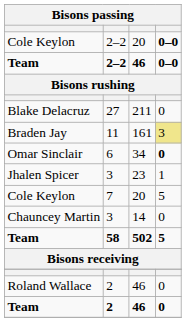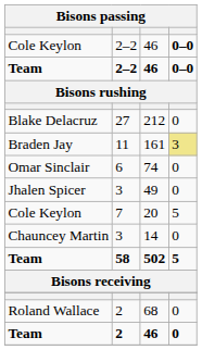 <table class="wikitable plainrowheaders">
 <tr>
 <th colspan="6">Bisons passing</th>
 </tr>
 <tr>
 <th scope="col"></th>
 <th scope="col"></th>
 <th scope="col"></th>
 <th scope="col"></th>
 </tr>
 <tr>
 <td>Cole Keylon</td>
 <td>2–2</td>
-<td>20</td>
+<td>46</td>
 <td><strong>0–0</strong></td>
 </tr>
 <tr>
 <td><strong>Team</strong></td>
 <td><strong>2–2</strong></td>
 <td><strong>46</strong></td>
 <td><strong>0–0</strong></td>
 </tr>
 <tr>
 <th colspan="6">Bisons rushing</th>
 </tr>
 <tr>
 <th scope="col"></th>
 <th scope="col"></th>
 <th scope="col"></th>
 <th scope="col"></th>
 </tr>
 <tr>
 <td>Blake Delacruz</td>
 <td>27</td>
-<td>211</td>
+<td>212</td>
 <td>0</td>
 </tr>
 <tr>
 <td>Braden Jay</td>
 <td>11</td>
 <td>161</td>
 <td style="background: khaki;">3</td>
 </tr>
 <tr>
 <td>Omar Sinclair</td>
 <td>6</td>
-<td>34</td>
-<td><strong>0</strong></td>
+<td>74</td>
+<td>0</td>
 </tr>
 <tr>
 <td>Jhalen Spicer</td>
 <td>3</td>
-<td>23</td>
-<td>1</td>
+<td>49</td>
+<td>0</td>
 </tr>
 <tr>
 <td>Cole Keylon</td>
 <td>7</td>
 <td>20</td>
 <td>5</td>
 </tr>
 <tr>
 <td>Chauncey Martin</td>
 <td>3</td>
 <td>14</td>
 <td>0</td>
 </tr>
 <tr>
 <td><strong>Team</strong></td>
 <td><strong>58</strong></td>
 <td><strong>502</strong></td>
 <td><strong>5</strong></td>
 </tr>
 <tr>
 <th colspan="6">Bisons receiving</th>
 </tr>
 <tr>
 </tr>
 <tr>
 <th scope="col"></th>
 <th scope="col"></th>
 <th scope="col"></th>
 <th scope="col"></th>
 </tr>
 <tr>
 <td>Roland Wallace</td>
 <td>2</td>
-<td>46</td>
+<td>68</td>
 <td>0</td>
 </tr>
 <tr>
 <td><strong>Team</strong></td>
 <td><strong>2</strong></td>
 <td><strong>46</strong></td>
 <td><strong>0</strong></td>
 </tr>
 <tr>
 </tr>
 </table>
